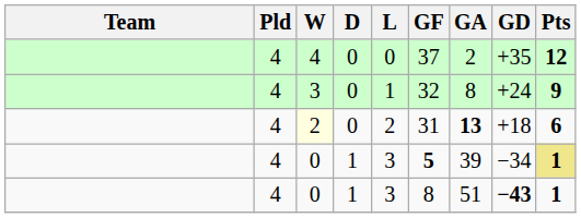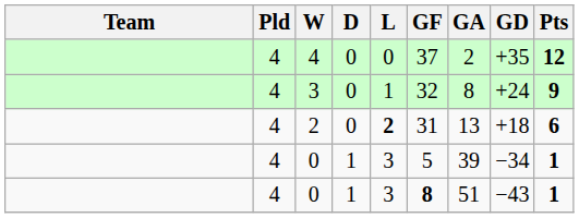 <table class="wikitable" style="text-align: center;">
 <tr>
 <th width="175">Team</th>
 <th width="20">Pld</th>
 <th width="20">W</th>
 <th width="20">D</th>
 <th width="20">L</th>
 <th width="20">GF</th>
 <th width="20">GA</th>
 <th width="20">GD</th>
 <th width="20">Pts</th>
 </tr>
 <tr bgcolor="#ccffcc">
 <td align=left></td>
 <td>4</td>
 <td>4</td>
 <td>0</td>
 <td>0</td>
 <td>37</td>
 <td>2</td>
 <td>+35</td>
 <td><strong>12</strong></td>
 </tr>
 <tr bgcolor="#ccffcc">
 <td align=left></td>
 <td>4</td>
 <td>3</td>
 <td>0</td>
 <td>1</td>
 <td>32</td>
 <td>8</td>
 <td>+24</td>
 <td><strong>9</strong></td>
 </tr>
 <tr>
 <td align=left></td>
 <td>4</td>
-<td style="background: lightyellow;">2</td>
+<td>2</td>
 <td>0</td>
-<td>2</td>
+<td><strong>2</strong></td>
 <td>31</td>
-<td><strong>13</strong></td>
+<td>13</td>
 <td>+18</td>
 <td><strong>6</strong></td>
 </tr>
 <tr>
 <td align=left></td>
 <td>4</td>
 <td>0</td>
 <td>1</td>
 <td>3</td>
-<td><strong>5</strong></td>
+<td>5</td>
 <td>39</td>
 <td>−34</td>
-<td style="background: khaki;"><strong>1</strong></td>
+<td><strong>1</strong></td>
 </tr>
 <tr>
 <td align=left></td>
 <td>4</td>
 <td>0</td>
 <td>1</td>
 <td>3</td>
-<td>8</td>
+<td><strong>8</strong></td>
 <td>51</td>
-<td><strong>−43</strong></td>
+<td>−43</td>
 <td><strong>1</strong></td>
 </tr>
 <tr>
 </tr>
 </table>
